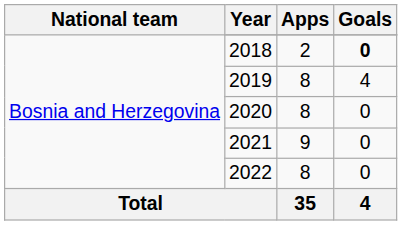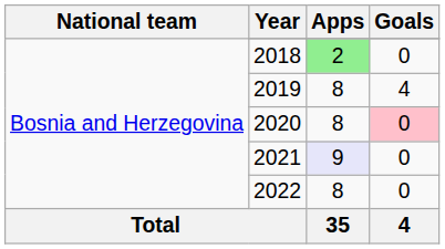 <table class="wikitable" style="text-align:center">
 <tr>
 <th>National team</th>
 <th>Year</th>
 <th>Apps</th>
 <th>Goals</th>
 </tr>
 <tr>
 <td rowspan=6><a href='#'>Bosnia and Herzegovina</a></td>
 </tr>
 <tr>
 <td>2018</td>
-<td>2</td>
-<td><strong>0</strong></td>
+<td style="background: lightgreen;">2</td>
+<td>0</td>
 </tr>
 <tr>
 <td>2019</td>
 <td>8</td>
 <td>4</td>
 </tr>
 <tr>
 <td>2020</td>
 <td>8</td>
-<td>0</td>
+<td style="background: pink;">0</td>
 </tr>
 <tr>
 <td>2021</td>
-<td>9</td>
+<td style="background: lavender;">9</td>
 <td>0</td>
 </tr>
 <tr>
 <td>2022</td>
 <td>8</td>
 <td>0</td>
 </tr>
 <tr>
 <th colspan=2>Total</th>
 <th>35</th>
 <th>4</th>
 </tr>
 </table>
